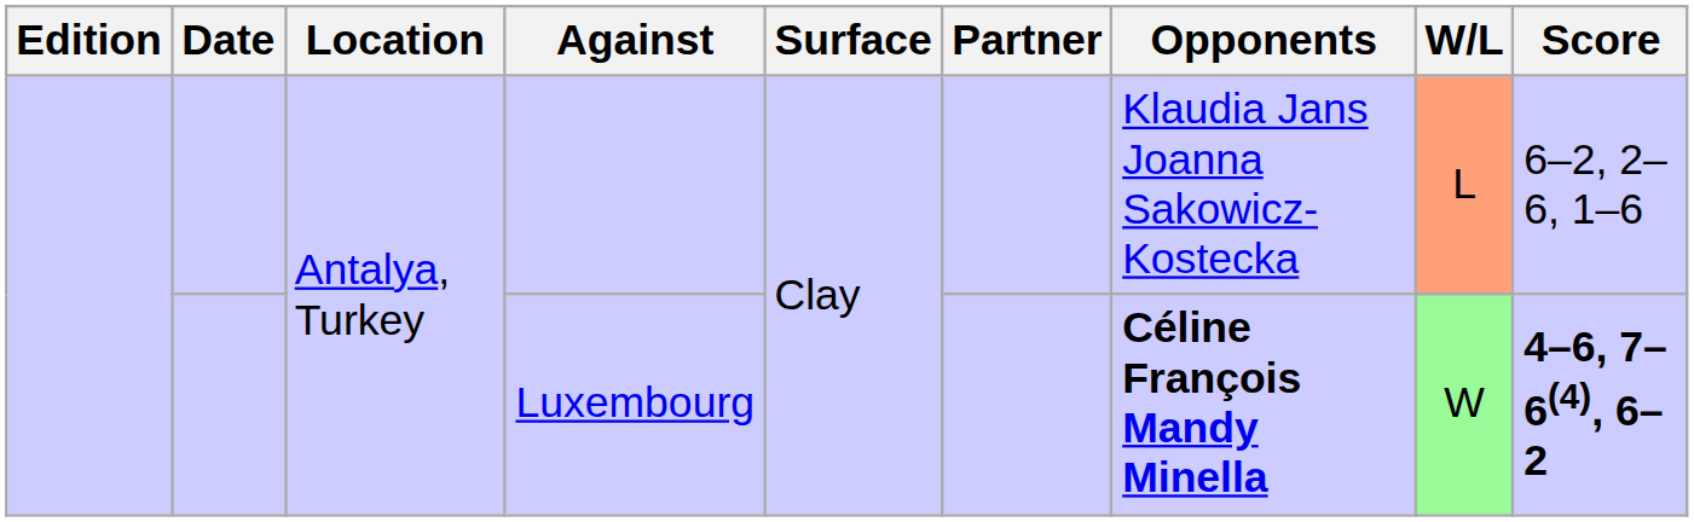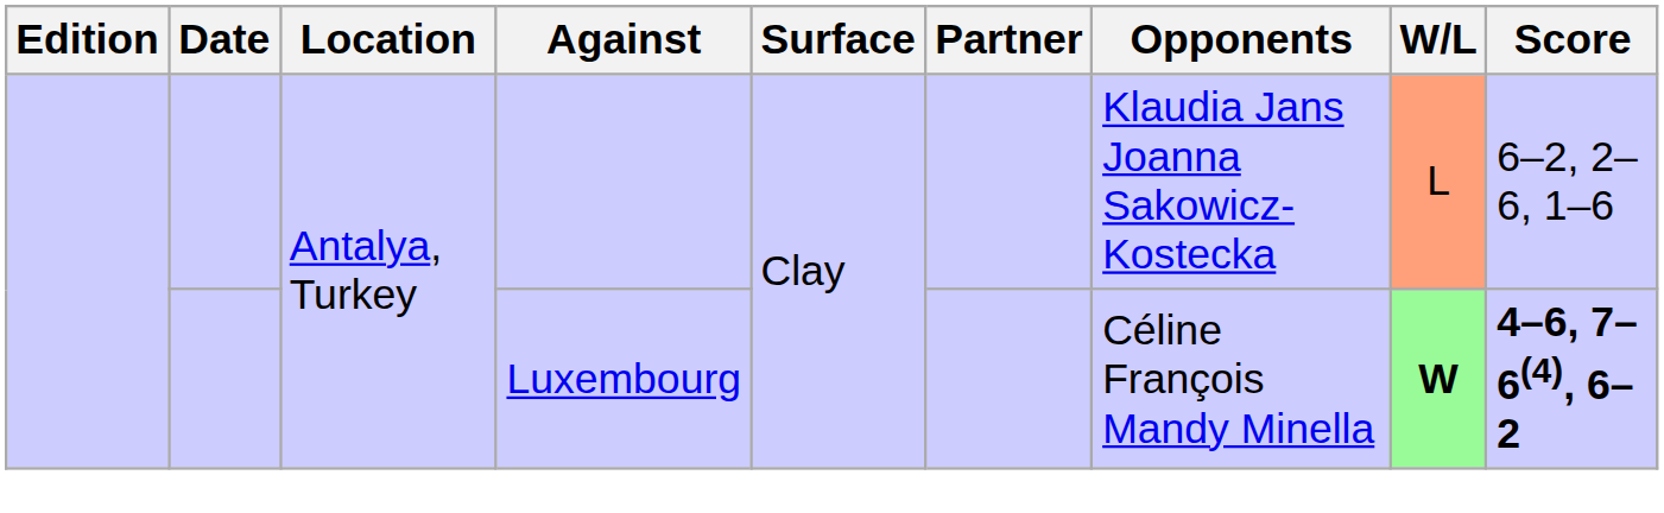 <table class=wikitable style=font-size:97%>
 <tr>
 <th>Edition</th>
 <th>Date</th>
 <th>Location</th>
 <th>Against</th>
 <th>Surface</th>
 <th>Partner</th>
 <th>Opponents</th>
 <th>W/L</th>
 <th>Score</th>
 </tr>
 <tr style="background:#ccf;">
 <td rowspan="2"></td>
 <td></td>
 <td rowspan="2"><a href='#'>Antalya</a>, Turkey</td>
 <td> </td>
 <td rowspan="2">Clay</td>
 <td> </td>
 <td> <a href='#'>Klaudia Jans</a> <br>  <a href='#'>Joanna Sakowicz-Kostecka</a></td>
 <td style="text-align:center; background:#ffa07a;">L</td>
 <td>6–2, 2–6, 1–6</td>
 </tr>
 <tr style="background:#ccf;">
 <td></td>
 <td> <a href='#'>Luxembourg</a></td>
 <td> </td>
-<td><strong> Céline François <br>  <a href='#'>Mandy Minella</a></strong></td>
-<td style="text-align:center; background:#98fb98;">W</td>
+<td> Céline François <br>  <a href='#'>Mandy Minella</a></td>
+<td style="text-align:center; background:#98fb98;"><strong>W</strong></td>
 <td><strong>4–6, 7–6<sup>(4)</sup>, 6–2</strong></td>
 </tr>
 </table>
